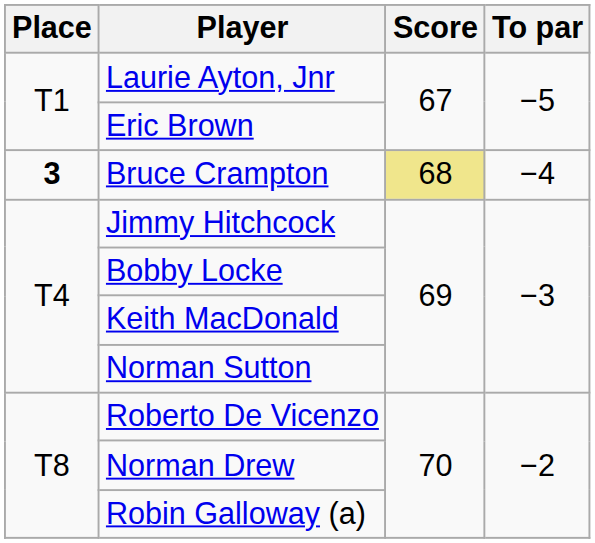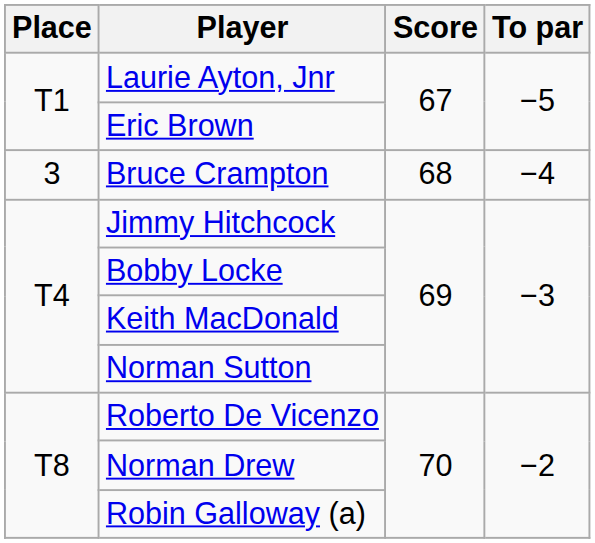 <table class="wikitable">
 <tr>
 <th>Place</th>
 <th>Player</th>
 <th>Score</th>
 <th>To par</th>
 </tr>
 <tr>
 <td rowspan="2" align=center>T1</td>
 <td> <a href='#'>Laurie Ayton, Jnr</a></td>
 <td rowspan="2" align=center>67</td>
 <td rowspan="2" align=center>−5</td>
 </tr>
 <tr>
 <td> <a href='#'>Eric Brown</a></td>
 </tr>
 <tr>
-<td align=center><strong>3</strong></td>
+<td align=center>3</td>
 <td> <a href='#'>Bruce Crampton</a></td>
-<td align=center style="background: khaki;">68</td>
+<td align=center>68</td>
 <td align=center>−4</td>
 </tr>
 <tr>
 <td rowspan="4" align=center>T4</td>
 <td> <a href='#'>Jimmy Hitchcock</a></td>
 <td rowspan="4" align=center>69</td>
 <td rowspan="4" align=center>−3</td>
 </tr>
 <tr>
 <td> <a href='#'>Bobby Locke</a></td>
 </tr>
 <tr>
 <td> <a href='#'>Keith MacDonald</a></td>
 </tr>
 <tr>
 <td> <a href='#'>Norman Sutton</a></td>
 </tr>
 <tr>
 <td rowspan="3" align=center>T8</td>
 <td> <a href='#'>Roberto De Vicenzo</a></td>
 <td rowspan="3" align=center>70</td>
 <td rowspan="3" align=center>−2</td>
 </tr>
 <tr>
 <td> <a href='#'>Norman Drew</a></td>
 </tr>
 <tr>
 <td> <a href='#'>Robin Galloway</a> (a)</td>
 </tr>
 </table>
